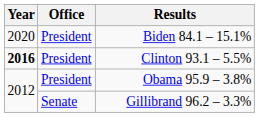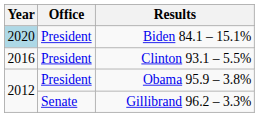 <table class=wikitable>
 <tr>
 <th width="30">Year</th>
 <th width="60">Office</th>
 <th width="180">Results</th>
 </tr>
 <tr>
-<td>2020</td>
+<td style="background: lightblue;">2020</td>
 <td><a href='#'>President</a></td>
 <td align="right" ><a href='#'>Biden</a> 84.1 – 15.1%</td>
 </tr>
 <tr>
-<td><strong>2016</strong></td>
+<td>2016</td>
 <td><a href='#'>President</a></td>
 <td align="right" ><a href='#'>Clinton</a> 93.1 – 5.5%</td>
 </tr>
 <tr>
 <td rowspan="2">2012</td>
 <td><a href='#'>President</a></td>
 <td align="right" ><a href='#'>Obama</a> 95.9 – 3.8%</td>
 </tr>
 <tr>
 <td><a href='#'>Senate</a></td>
 <td align="right" ><a href='#'>Gillibrand</a> 96.2 – 3.3%</td>
 </tr>
 </table>
